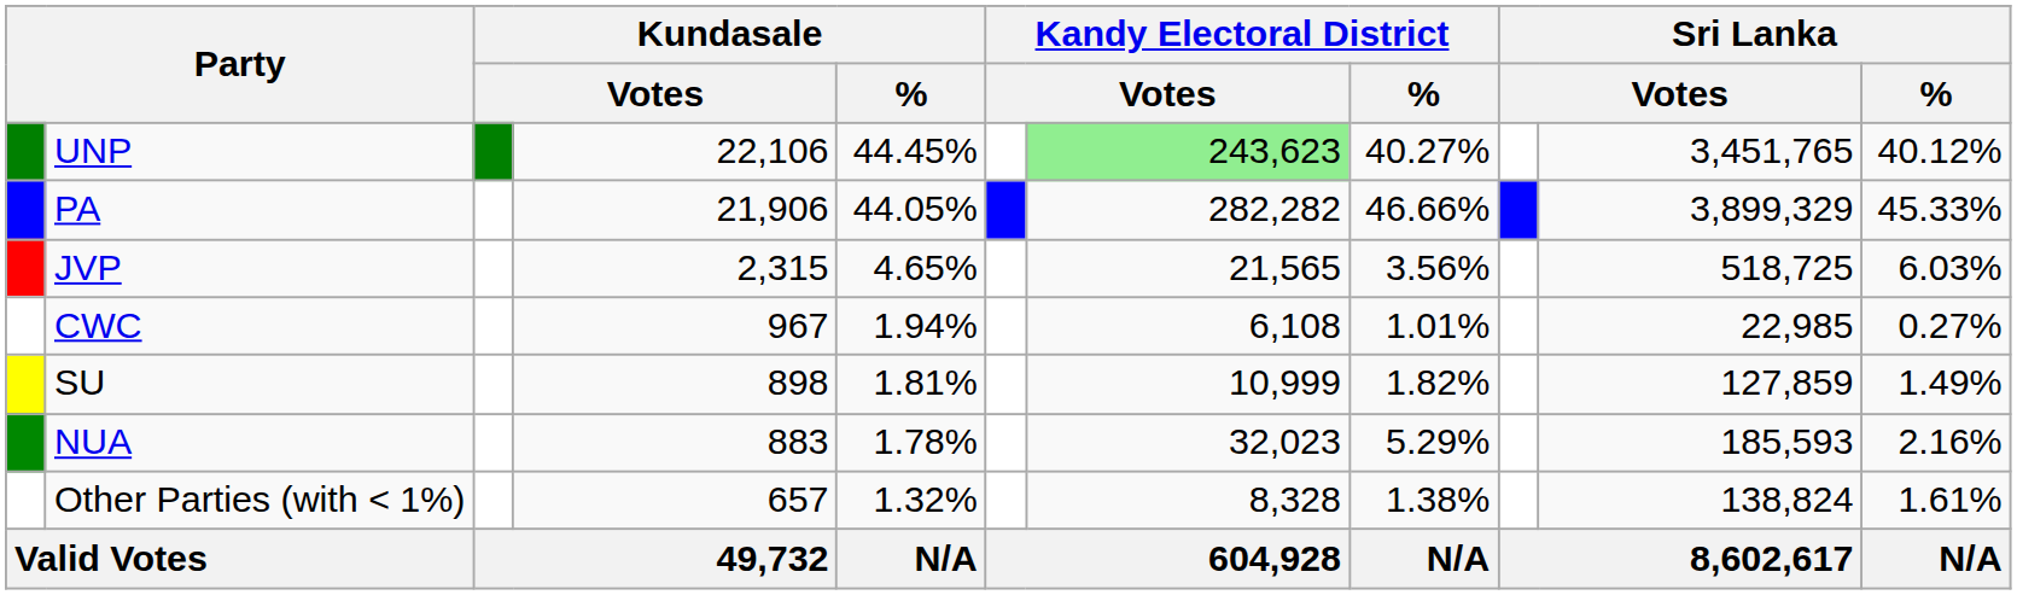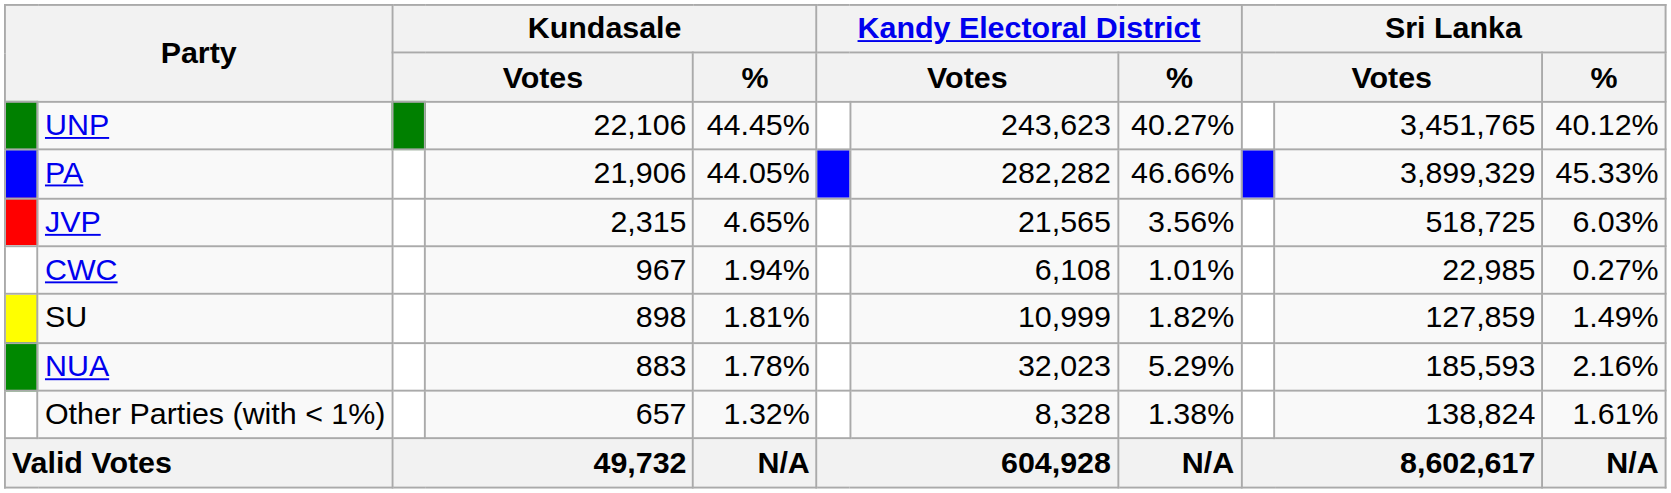 <table class="wikitable">
 <tr>
 <th colspan="2" width="144px"rowspan="2">Party</th>
 <th colspan="3" width="216px">Kundasale</th>
 <th colspan="3" width="216px"><a href='#'>Kandy Electoral District</a></th>
 <th colspan="3" width="216px">Sri Lanka</th>
 </tr>
 <tr>
 <th colspan="2" width="144px">Votes</th>
 <th>%</th>
 <th colspan="2" width="144px">Votes</th>
 <th>%</th>
 <th colspan="2" width="144px">Votes</th>
 <th>%</th>
 </tr>
 <tr>
 <td style="background-color:green;" width="10px"></td>
 <td style="text-align:left;"><a href='#'>UNP</a></td>
 <td style="background-color:green;" width="10px"></td>
 <td style="text-align:right;">22,106</td>
 <td style="text-align:right;">44.45%</td>
 <td style="background-color:white;" width="10px"></td>
-<td style="background: lightgreen; text-align:right;">243,623</td>
+<td style="text-align:right;">243,623</td>
 <td style="text-align:right;">40.27%</td>
 <td style="background-color:white;" width="10px"></td>
 <td style="text-align:right;">3,451,765</td>
 <td style="text-align:right;">40.12%</td>
 </tr>
 <tr>
 <td style="background-color:blue;" width="10px"></td>
 <td style="text-align:left;"><a href='#'>PA</a></td>
 <td style="background-color:white;" width="10px"></td>
 <td style="text-align:right;">21,906</td>
 <td style="text-align:right;">44.05%</td>
 <td style="background-color:blue;" width="10px"></td>
 <td style="text-align:right;">282,282</td>
 <td style="text-align:right;">46.66%</td>
 <td style="background-color:blue;" width="10px"></td>
 <td style="text-align:right;">3,899,329</td>
 <td style="text-align:right;">45.33%</td>
 </tr>
 <tr>
 <td style="background-color:red;" width="10px"></td>
 <td style="text-align:left;"><a href='#'>JVP</a></td>
 <td style="background-color:white;" width="10px"></td>
 <td style="text-align:right;">2,315</td>
 <td style="text-align:right;">4.65%</td>
 <td style="background-color:white;" width="10px"></td>
 <td style="text-align:right;">21,565</td>
 <td style="text-align:right;">3.56%</td>
 <td style="background-color:white;" width="10px"></td>
 <td style="text-align:right;">518,725</td>
 <td style="text-align:right;">6.03%</td>
 </tr>
 <tr>
 <td style="background-color:white;" width="10px"></td>
 <td style="text-align:left;"><a href='#'>CWC</a></td>
 <td style="background-color:white;" width="10px"></td>
 <td style="text-align:right;">967</td>
 <td style="text-align:right;">1.94%</td>
 <td style="background-color:white;" width="10px"></td>
 <td style="text-align:right;">6,108</td>
 <td style="text-align:right;">1.01%</td>
 <td style="background-color:white;" width="10px"></td>
 <td style="text-align:right;">22,985</td>
 <td style="text-align:right;">0.27%</td>
 </tr>
 <tr>
 <td style="background-color:yellow;" width="10px"></td>
 <td style="text-align:left;">SU</td>
 <td style="background-color:white;" width="10px"></td>
 <td style="text-align:right;">898</td>
 <td style="text-align:right;">1.81%</td>
 <td style="background-color:white;" width="10px"></td>
 <td style="text-align:right;">10,999</td>
 <td style="text-align:right;">1.82%</td>
 <td style="background-color:white;" width="10px"></td>
 <td style="text-align:right;">127,859</td>
 <td style="text-align:right;">1.49%</td>
 </tr>
 <tr>
 <td style="background-color:#008800;" width="10px"></td>
 <td style="text-align:left;"><a href='#'>NUA</a></td>
 <td style="background-color:white;" width="10px"></td>
 <td style="text-align:right;">883</td>
 <td style="text-align:right;">1.78%</td>
 <td style="background-color:white;" width="10px"></td>
 <td style="text-align:right;">32,023</td>
 <td style="text-align:right;">5.29%</td>
 <td style="background-color:white;" width="10px"></td>
 <td style="text-align:right;">185,593</td>
 <td style="text-align:right;">2.16%</td>
 </tr>
 <tr>
 <td style="background-color:white;" width="10px"></td>
 <td style="text-align:left;">Other Parties (with < 1%)</td>
 <td style="background-color:white;" width="10px"></td>
 <td style="text-align:right;">657</td>
 <td style="text-align:right;">1.32%</td>
 <td style="background-color:white;" width="10px"></td>
 <td style="text-align:right;">8,328</td>
 <td style="text-align:right;">1.38%</td>
 <td style="background-color:white;" width="10px"></td>
 <td style="text-align:right;">138,824</td>
 <td style="text-align:right;">1.61%</td>
 </tr>
 <tr>
 <th colspan="2" width="144px"style="text-align:left;">Valid Votes</th>
 <th style="text-align:right;"colspan="2" width="144px">49,732</th>
 <th style="text-align:right;">N/A</th>
 <th style="text-align:right;"colspan="2" width="144px">604,928</th>
 <th style="text-align:right;">N/A</th>
 <th style="text-align:right;"colspan="2" width="144px">8,602,617</th>
 <th style="text-align:right;">N/A</th>
 </tr>
 </table>
